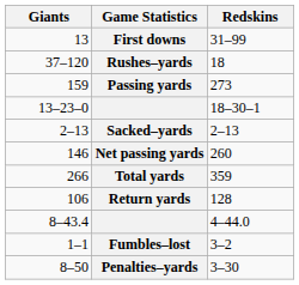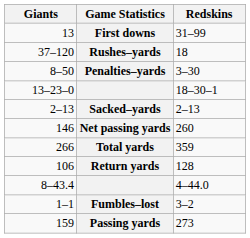 <table class="wikitable" style="margin: 1em auto 1em auto">
 <tr>
 <th style="width:30%;">Giants</th>
 <th style="width:40%;">Game Statistics</th>
 <th style="width:30%;">Redskins</th>
 </tr>
 <tr>
 <td style="text-align:right;">13</td>
 <th>First downs</th>
 <td>31–99</td>
 </tr>
 <tr>
 <td style="text-align:right;">37–120</td>
 <th>Rushes–yards</th>
 <td>18</td>
 </tr>
 <tr>
-<td style="text-align:right;">159</td>
-<th>Passing yards</th>
-<td>273</td>
+<td style="text-align:right;">8–50</td>
+<th>Penalties–yards</th>
+<td>3–30</td>
 </tr>
 <tr>
 <td style="text-align:right;">13–23–0</td>
 <th></th>
 <td>18–30–1</td>
 </tr>
 <tr>
 <td style="text-align:right;">2–13</td>
 <th>Sacked–yards</th>
 <td>2–13</td>
 </tr>
 <tr>
 <td style="text-align:right;">146</td>
 <th>Net passing yards</th>
 <td>260</td>
 </tr>
 <tr>
 <td style="text-align:right;">266</td>
 <th>Total yards</th>
 <td>359</td>
 </tr>
 <tr>
 <td style="text-align:right;">106</td>
 <th>Return yards</th>
 <td>128</td>
 </tr>
 <tr>
 <td style="text-align:right;">8–43.4</td>
 <th></th>
 <td>4–44.0</td>
 </tr>
 <tr>
 <td style="text-align:right;">1–1</td>
 <th>Fumbles–lost</th>
 <td>3–2</td>
 </tr>
 <tr>
-<td style="text-align:right;">8–50</td>
-<th>Penalties–yards</th>
-<td>3–30</td>
+<td style="text-align:right;">159</td>
+<th>Passing yards</th>
+<td>273</td>
 </tr>
 </table>
